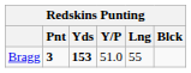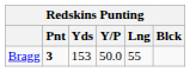 <table class="wikitable">
 <tr>
 <th colspan="6">Redskins Punting</th>
 </tr>
 <tr>
 <th></th>
 <th>Pnt</th>
 <th>Yds</th>
 <th>Y/P</th>
 <th>Lng</th>
 <th>Blck</th>
 </tr>
 <tr>
 <td><a href='#'>Bragg</a></td>
 <td><strong>3</strong></td>
-<td><strong>153</strong></td>
-<td>51.0</td>
+<td>153</td>
+<td>50.0</td>
 <td>55</td>
 <td></td>
 </tr>
 </table>
